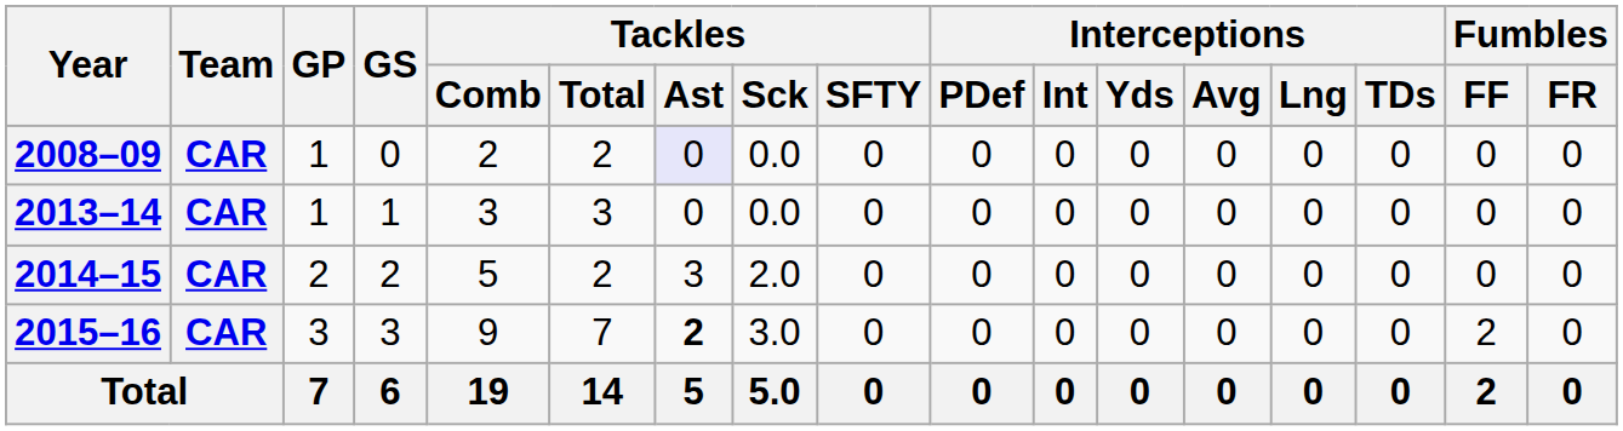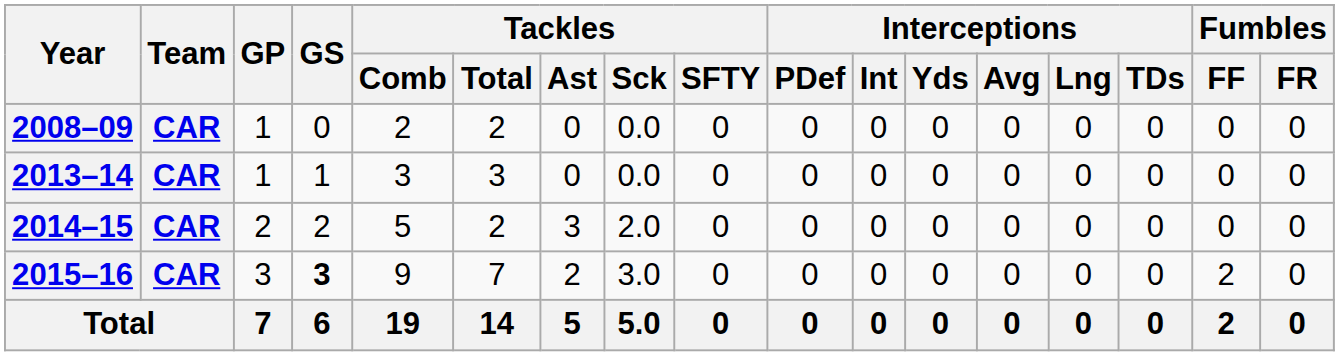 <table class="wikitable" style="text-align: center;">
 <tr>
 <th rowspan="2">Year</th>
 <th rowspan="2">Team</th>
 <th rowspan="2">GP</th>
 <th rowspan="2">GS</th>
 <th colspan="5">Tackles</th>
 <th colspan="6">Interceptions</th>
 <th colspan="2">Fumbles</th>
 </tr>
 <tr>
 <th>Comb</th>
 <th>Total</th>
 <th>Ast</th>
 <th>Sck</th>
 <th>SFTY</th>
 <th>PDef</th>
 <th>Int</th>
 <th>Yds</th>
 <th>Avg</th>
 <th>Lng</th>
 <th>TDs</th>
 <th>FF</th>
 <th>FR</th>
 </tr>
 <tr>
 <th><a href='#'>2008–09</a></th>
 <th><a href='#'>CAR</a></th>
 <td>1</td>
 <td>0</td>
 <td>2</td>
 <td>2</td>
-<td style="background: lavender;">0</td>
+<td>0</td>
 <td>0.0</td>
 <td>0</td>
 <td>0</td>
 <td>0</td>
 <td>0</td>
 <td>0</td>
 <td>0</td>
 <td>0</td>
 <td>0</td>
 <td>0</td>
 </tr>
 <tr>
 <th><a href='#'>2013–14</a></th>
 <th><a href='#'>CAR</a></th>
 <td>1</td>
 <td>1</td>
 <td>3</td>
 <td>3</td>
 <td>0</td>
 <td>0.0</td>
 <td>0</td>
 <td>0</td>
 <td>0</td>
 <td>0</td>
 <td>0</td>
 <td>0</td>
 <td>0</td>
 <td>0</td>
 <td>0</td>
 </tr>
 <tr>
 <th><a href='#'>2014–15</a></th>
 <th><a href='#'>CAR</a></th>
 <td>2</td>
 <td>2</td>
 <td>5</td>
 <td>2</td>
 <td>3</td>
 <td>2.0</td>
 <td>0</td>
 <td>0</td>
 <td>0</td>
 <td>0</td>
 <td>0</td>
 <td>0</td>
 <td>0</td>
 <td>0</td>
 <td>0</td>
 </tr>
 <tr>
 <th><a href='#'>2015–16</a></th>
 <th><a href='#'>CAR</a></th>
 <td>3</td>
-<td>3</td>
+<td><strong>3</strong></td>
 <td>9</td>
 <td>7</td>
-<td><strong>2</strong></td>
+<td>2</td>
 <td>3.0</td>
 <td>0</td>
 <td>0</td>
 <td>0</td>
 <td>0</td>
 <td>0</td>
 <td>0</td>
 <td>0</td>
 <td>2</td>
 <td>0</td>
 </tr>
 <tr>
 <th colspan="2">Total</th>
 <th>7</th>
 <th>6</th>
 <th>19</th>
 <th>14</th>
 <th>5</th>
 <th>5.0</th>
 <th>0</th>
 <th>0</th>
 <th>0</th>
 <th>0</th>
 <th>0</th>
 <th>0</th>
 <th>0</th>
 <th>2</th>
 <th>0</th>
 </tr>
 </table>
